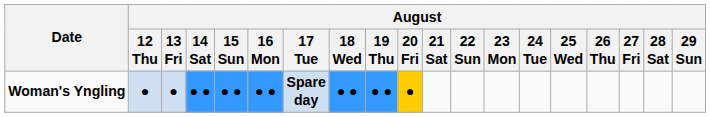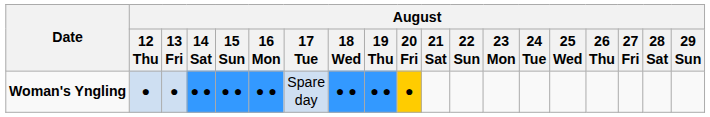 <table class="wikitable" style="margin:0.5em auto; font-size:90%; line-height:1.25em;">
 <tr>
 <th rowspan=2>Date</th>
 <th colspan=18>August</th>
 </tr>
 <tr>
 <th>12<br>Thu</th>
 <th>13<br>Fri</th>
 <th>14<br>Sat</th>
 <th>15<br>Sun</th>
 <th>16<br>Mon</th>
 <th>17<br>Tue</th>
 <th>18<br>Wed</th>
 <th>19<br>Thu</th>
 <th>20<br>Fri</th>
 <th>21<br>Sat</th>
 <th>22<br>Sun</th>
 <th>23<br>Mon</th>
 <th>24<br>Tue</th>
 <th>25<br>Wed</th>
 <th>26<br>Thu</th>
 <th>27<br>Fri</th>
 <th>28<br>Sat</th>
 <th>29<br>Sun</th>
 </tr>
 <tr align="center">
 <td align="center"><strong>Woman's Yngling</strong></td>
 <td bgcolor=#cedff2><span> ● </span></td>
 <td bgcolor=#cedff2><span> ● </span></td>
 <td bgcolor=#3399ff><span> ● ● </span></td>
 <td bgcolor=#3399ff><span> ● ● </span></td>
 <td bgcolor=#3399ff><span> ● ● </span></td>
-<td bgcolor=#cedff2><strong>Spare<br>day</strong></td>
+<td bgcolor=#cedff2>Spare<br>day</td>
 <td bgcolor=#3399ff><span> ● ● </span></td>
 <td bgcolor=#3399ff><span> ● ● </span></td>
 <td bgcolor=#ffcc00><span> ● </span></td>
 <td></td>
 <td></td>
 <td></td>
 <td></td>
 <td></td>
 <td></td>
 <td></td>
 <td></td>
 <td></td>
 </tr>
 </table>
